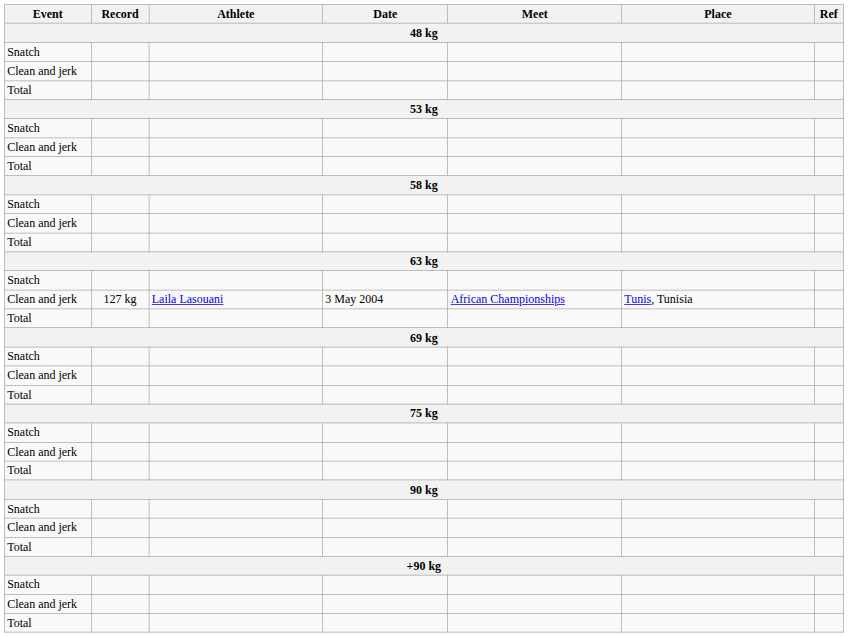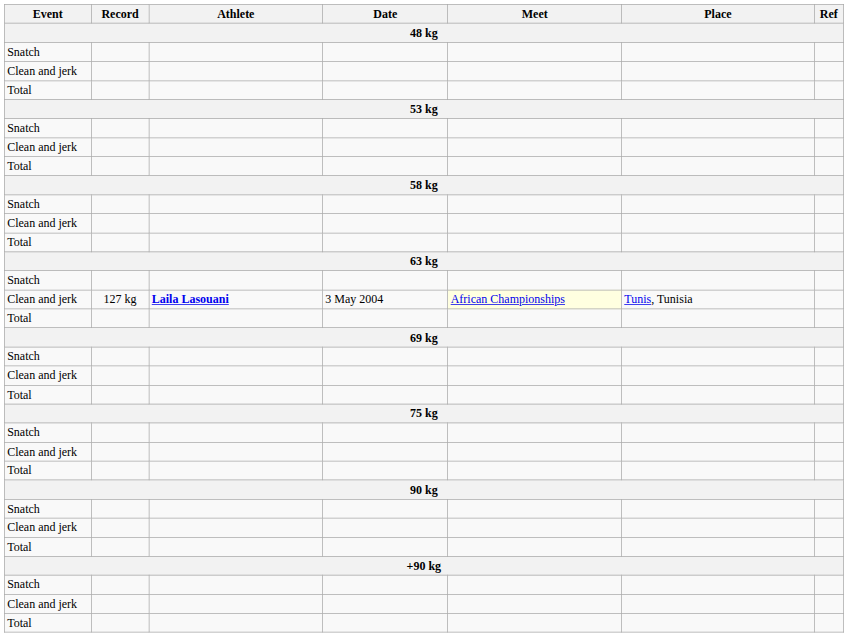 <table class="wikitable">
 <tr>
 <th width=9%>Event</th>
 <th width=6%>Record</th>
 <th width=18%>Athlete</th>
 <th width=13%>Date</th>
 <th width=18%>Meet</th>
 <th width=20%>Place</th>
 <th width=3%>Ref</th>
 </tr>
 <tr bgcolor="#DDDDDD">
 <th colspan="8">48 kg</th>
 </tr>
 <tr>
 <td>Snatch</td>
 <td></td>
 <td></td>
 <td></td>
 <td></td>
 <td></td>
 <td></td>
 </tr>
 <tr>
 <td>Clean and jerk</td>
 <td></td>
 <td></td>
 <td></td>
 <td></td>
 <td></td>
 <td></td>
 </tr>
 <tr>
 <td>Total</td>
 <td></td>
 <td></td>
 <td></td>
 <td></td>
 <td></td>
 <td></td>
 </tr>
 <tr bgcolor="#DDDDDD">
 <th colspan="8">53 kg</th>
 </tr>
 <tr>
 <td>Snatch</td>
 <td></td>
 <td></td>
 <td></td>
 <td></td>
 <td></td>
 <td></td>
 </tr>
 <tr>
 <td>Clean and jerk</td>
 <td align="center"></td>
 <td></td>
 <td></td>
 <td></td>
 <td></td>
 <td></td>
 </tr>
 <tr>
 <td>Total</td>
 <td></td>
 <td></td>
 <td></td>
 <td></td>
 <td></td>
 <td></td>
 </tr>
 <tr bgcolor="#DDDDDD">
 <th colspan="8">58 kg</th>
 </tr>
 <tr>
 <td>Snatch</td>
 <td></td>
 <td></td>
 <td></td>
 <td></td>
 <td></td>
 <td></td>
 </tr>
 <tr>
 <td>Clean and jerk</td>
 <td></td>
 <td></td>
 <td></td>
 <td></td>
 <td></td>
 <td></td>
 </tr>
 <tr>
 <td>Total</td>
 <td></td>
 <td></td>
 <td></td>
 <td></td>
 <td></td>
 <td></td>
 </tr>
 <tr bgcolor="#DDDDDD">
 <th colspan="8">63 kg</th>
 </tr>
 <tr>
 <td>Snatch</td>
 <td></td>
 <td></td>
 <td></td>
 <td></td>
 <td></td>
 <td></td>
 </tr>
 <tr>
 <td>Clean and jerk</td>
 <td align="center">127 kg</td>
-<td><a href='#'>Laila Lasouani</a></td>
+<td><strong><a href='#'>Laila Lasouani</a></strong></td>
 <td>3 May 2004</td>
-<td><a href='#'>African Championships</a></td>
+<td style="background: lightyellow;"><a href='#'>African Championships</a></td>
 <td><a href='#'>Tunis</a>, Tunisia</td>
 <td></td>
 </tr>
 <tr>
 <td>Total</td>
 <td></td>
 <td></td>
 <td></td>
 <td></td>
 <td></td>
 <td></td>
 </tr>
 <tr bgcolor="#DDDDDD">
 <th colspan="8">69 kg</th>
 </tr>
 <tr>
 <td>Snatch</td>
 <td></td>
 <td></td>
 <td></td>
 <td></td>
 <td></td>
 <td></td>
 </tr>
 <tr>
 <td>Clean and jerk</td>
 <td></td>
 <td></td>
 <td></td>
 <td></td>
 <td></td>
 <td></td>
 </tr>
 <tr>
 <td>Total</td>
 <td></td>
 <td></td>
 <td></td>
 <td></td>
 <td></td>
 <td></td>
 </tr>
 <tr bgcolor="#DDDDDD">
 <th colspan="8">75 kg</th>
 </tr>
 <tr>
 <td>Snatch</td>
 <td></td>
 <td></td>
 <td></td>
 <td></td>
 <td></td>
 <td></td>
 </tr>
 <tr>
 <td>Clean and jerk</td>
 <td></td>
 <td></td>
 <td></td>
 <td></td>
 <td></td>
 <td></td>
 </tr>
 <tr>
 <td>Total</td>
 <td></td>
 <td></td>
 <td></td>
 <td></td>
 <td></td>
 <td></td>
 </tr>
 <tr bgcolor="#DDDDDD">
 <th colspan="8">90 kg</th>
 </tr>
 <tr>
 <td>Snatch</td>
 <td></td>
 <td></td>
 <td></td>
 <td></td>
 <td></td>
 <td></td>
 </tr>
 <tr>
 <td>Clean and jerk</td>
 <td></td>
 <td></td>
 <td></td>
 <td></td>
 <td></td>
 <td></td>
 </tr>
 <tr>
 <td>Total</td>
 <td></td>
 <td></td>
 <td></td>
 <td></td>
 <td></td>
 <td></td>
 </tr>
 <tr bgcolor="#DDDDDD">
 <th colspan="8">+90 kg</th>
 </tr>
 <tr>
 <td>Snatch</td>
 <td></td>
 <td></td>
 <td></td>
 <td></td>
 <td></td>
 <td></td>
 </tr>
 <tr>
 <td>Clean and jerk</td>
 <td></td>
 <td></td>
 <td></td>
 <td></td>
 <td></td>
 <td></td>
 </tr>
 <tr>
 <td>Total</td>
 <td></td>
 <td></td>
 <td></td>
 <td></td>
 <td></td>
 <td></td>
 </tr>
 </table>
